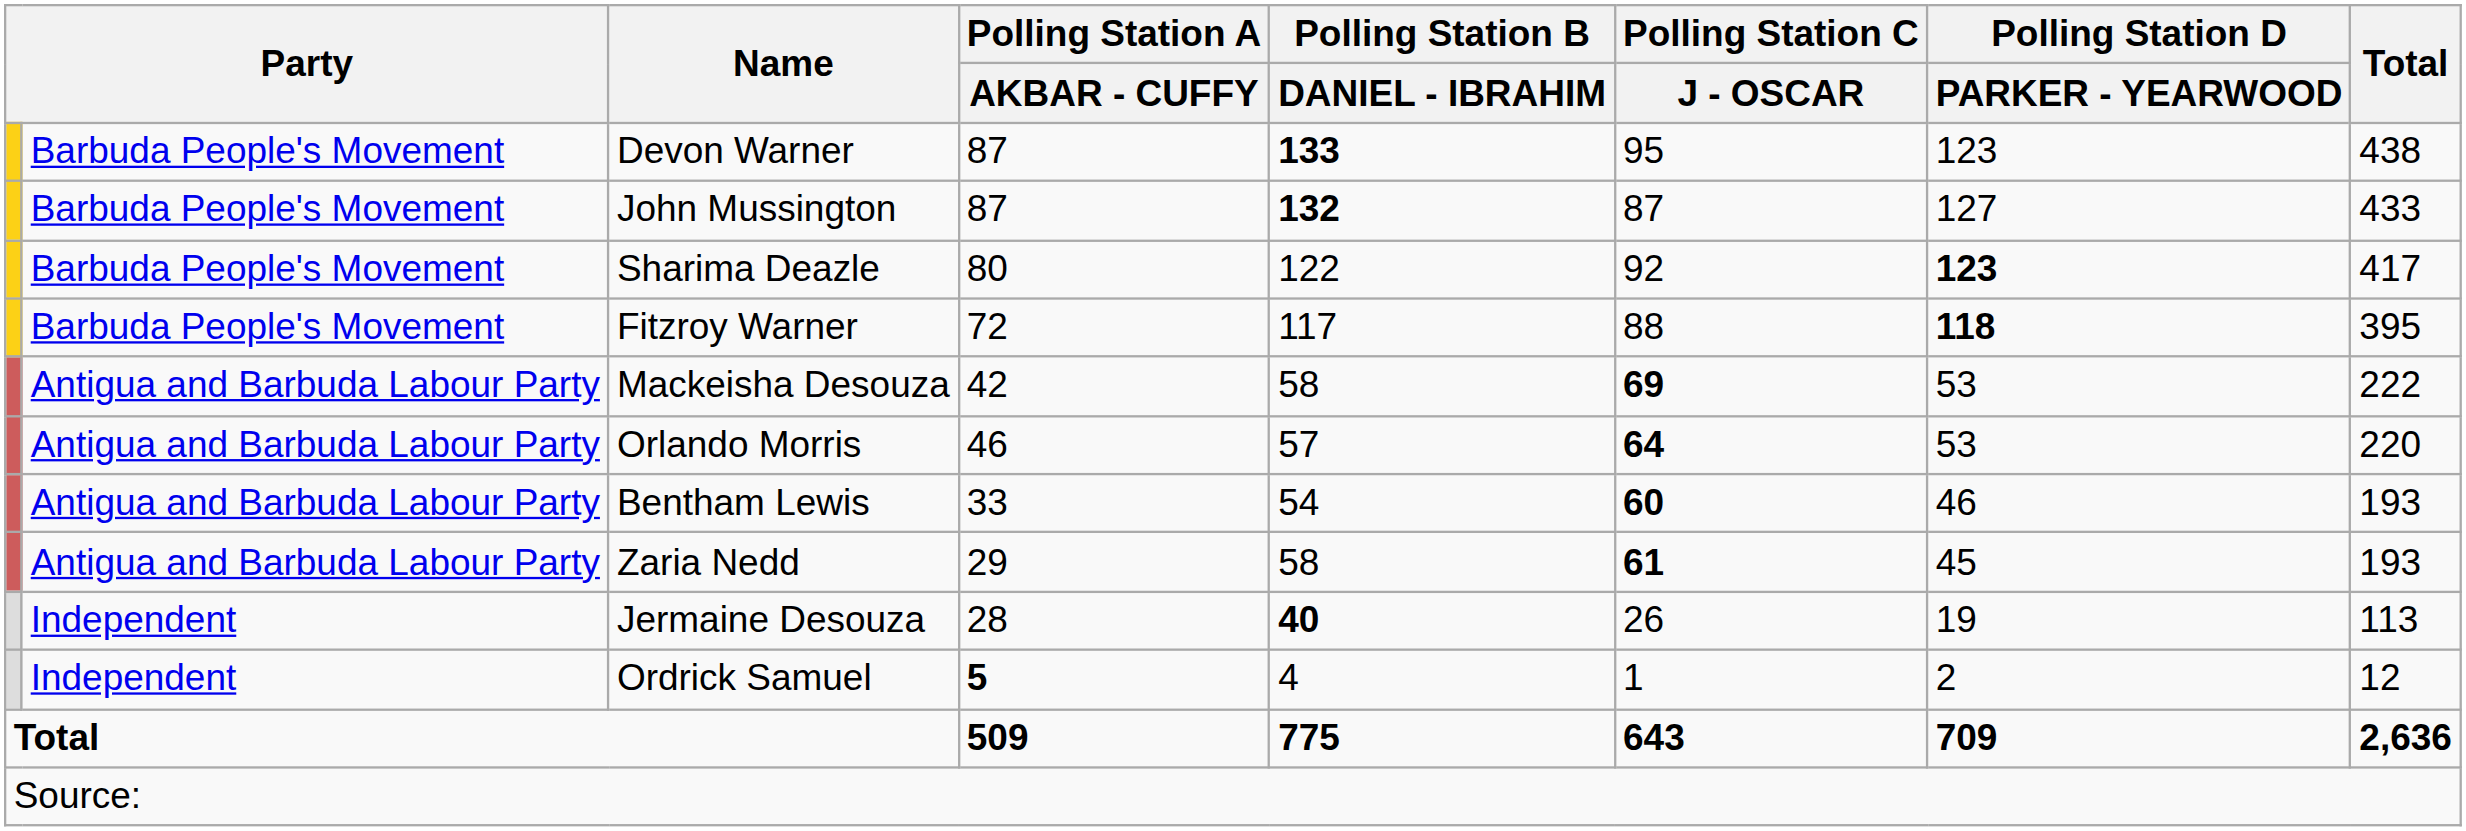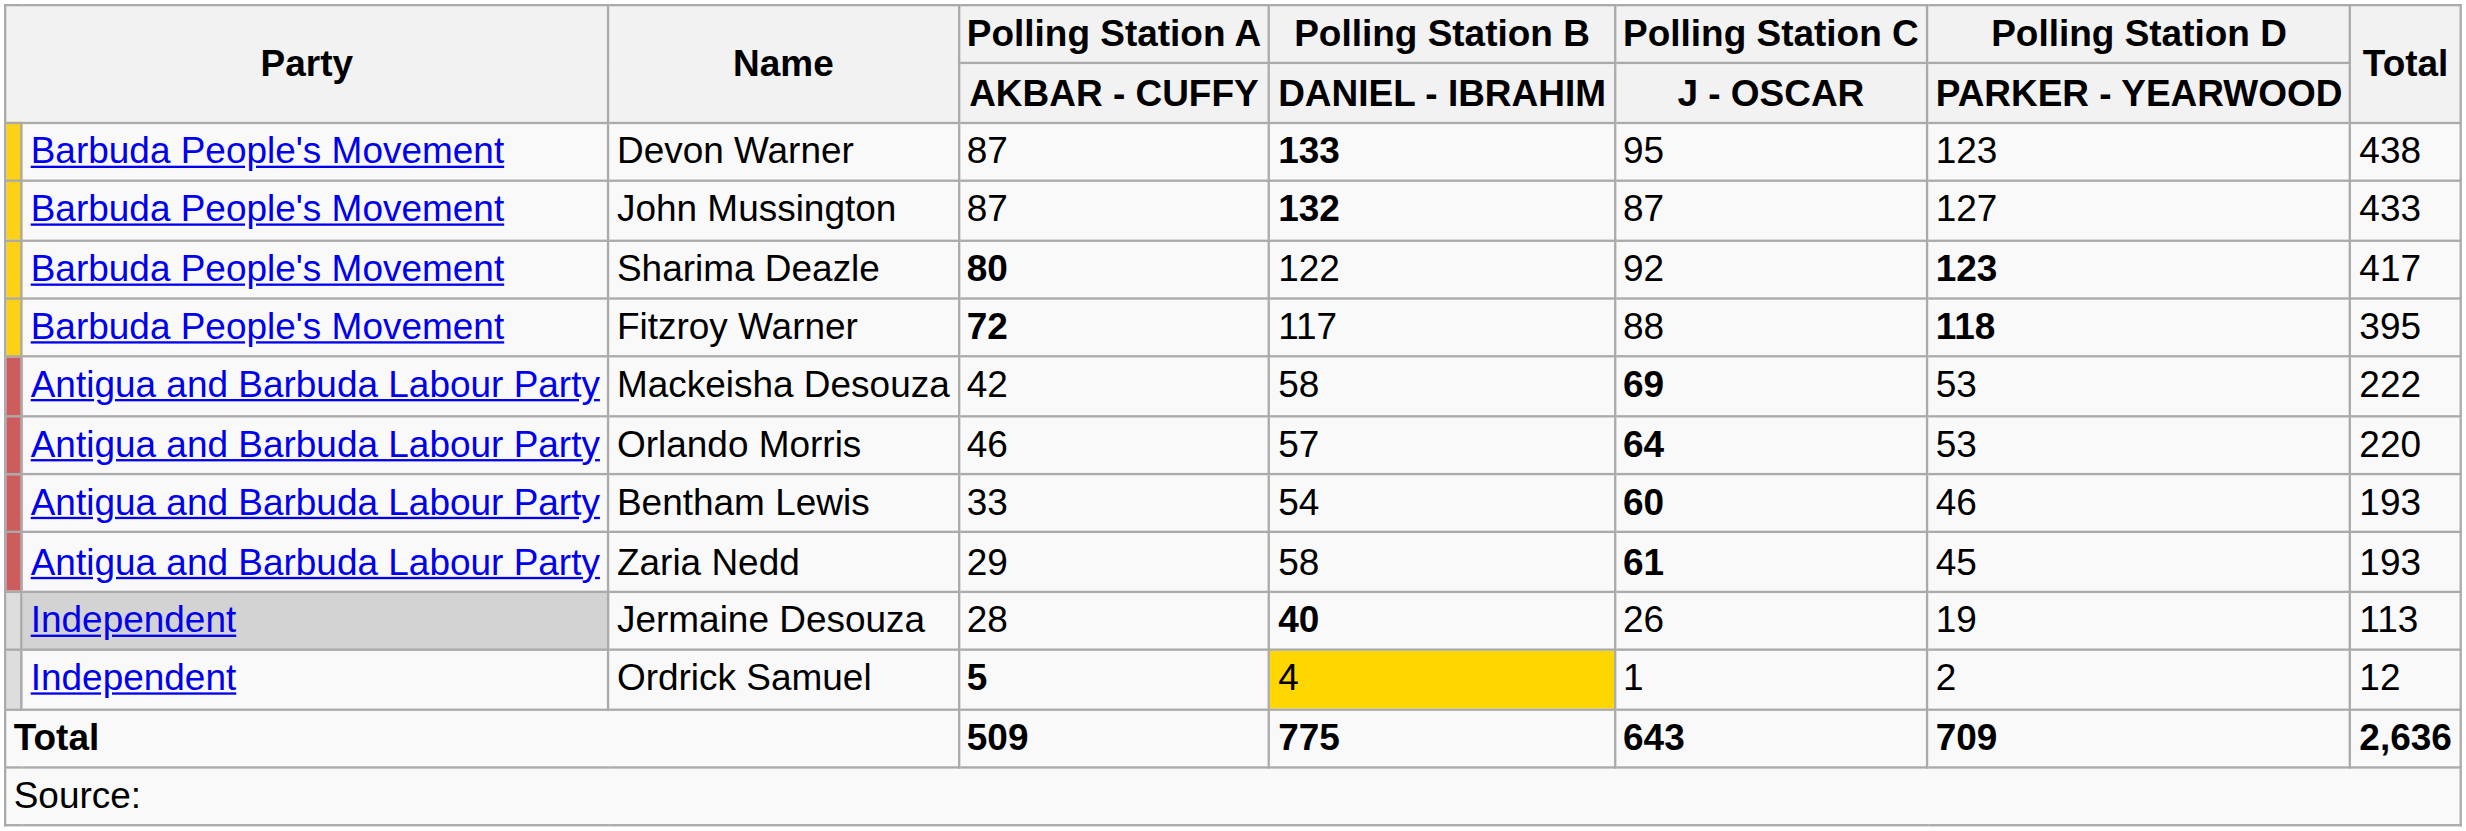 <table class="wikitable sortable">
 <tr>
 <th colspan="2" rowspan="2">Party</th>
 <th rowspan="2">Name</th>
 <th>Polling Station A</th>
 <th>Polling Station B</th>
 <th>Polling Station C</th>
 <th>Polling Station D</th>
 <th rowspan="2">Total</th>
 </tr>
 <tr>
 <th>AKBAR - CUFFY</th>
 <th>DANIEL - IBRAHIM</th>
 <th>J - OSCAR</th>
 <th>PARKER - YEARWOOD</th>
 </tr>
 <tr>
 <th style="background-color: #FCD116"></th>
 <td><a href='#'>Barbuda People's Movement</a></td>
 <td>Devon Warner</td>
 <td>87</td>
 <td><strong>133</strong></td>
 <td>95</td>
 <td>123</td>
 <td>438</td>
 </tr>
 <tr>
 <th style="background-color: #FCD116"></th>
 <td><a href='#'>Barbuda People's Movement</a></td>
 <td>John Mussington</td>
 <td>87</td>
 <td><strong>132</strong></td>
 <td>87</td>
 <td>127</td>
 <td>433</td>
 </tr>
 <tr>
 <th style="background-color: #FCD116"></th>
 <td><a href='#'>Barbuda People's Movement</a></td>
 <td>Sharima Deazle</td>
-<td>80</td>
+<td><strong>80</strong></td>
 <td>122</td>
 <td>92</td>
 <td><strong>123</strong></td>
 <td>417</td>
 </tr>
 <tr>
 <th style="background-color: #FCD116"></th>
 <td><a href='#'>Barbuda People's Movement</a></td>
 <td>Fitzroy Warner</td>
-<td>72</td>
+<td><strong>72</strong></td>
 <td>117</td>
 <td>88</td>
 <td><strong>118</strong></td>
 <td>395</td>
 </tr>
 <tr>
 <th style="background-color: #CD5C5C"></th>
 <td><a href='#'>Antigua and Barbuda Labour Party</a></td>
 <td>Mackeisha Desouza</td>
 <td>42</td>
 <td>58</td>
 <td><strong>69</strong></td>
 <td>53</td>
 <td>222</td>
 </tr>
 <tr>
 <th style="background-color: #CD5C5C"></th>
 <td><a href='#'>Antigua and Barbuda Labour Party</a></td>
 <td>Orlando Morris</td>
 <td>46</td>
 <td>57</td>
 <td><strong>64</strong></td>
 <td>53</td>
 <td>220</td>
 </tr>
 <tr>
 <th style="background-color: #CD5C5C"></th>
 <td><a href='#'>Antigua and Barbuda Labour Party</a></td>
 <td>Bentham Lewis</td>
 <td>33</td>
 <td>54</td>
 <td><strong>60</strong></td>
 <td>46</td>
 <td>193</td>
 </tr>
 <tr>
 <th style="background-color: #CD5C5C"></th>
 <td><a href='#'>Antigua and Barbuda Labour Party</a></td>
 <td>Zaria Nedd</td>
 <td>29</td>
 <td>58</td>
 <td><strong>61</strong></td>
 <td>45</td>
 <td>193</td>
 </tr>
 <tr>
 <th style="background-color: #DDDDDD"></th>
-<td><a href='#'>Independent</a></td>
+<td style="background: lightgrey;"><a href='#'>Independent</a></td>
 <td>Jermaine Desouza</td>
 <td>28</td>
 <td><strong>40</strong></td>
 <td>26</td>
 <td>19</td>
 <td>113</td>
 </tr>
 <tr>
 <th style="background-color: #DDDDDD"></th>
 <td><a href='#'>Independent</a></td>
 <td>Ordrick Samuel</td>
 <td><strong>5</strong></td>
-<td>4</td>
+<td style="background: gold;">4</td>
 <td>1</td>
 <td>2</td>
 <td>12</td>
 </tr>
 <tr>
 <td colspan="3"><strong>Total</strong></td>
 <td><strong>509</strong></td>
 <td><strong>775</strong></td>
 <td><strong>643</strong></td>
 <td><strong>709</strong></td>
 <td><strong>2,636</strong></td>
 </tr>
 <tr>
 <td colspan="8">Source: </td>
 </tr>
 </table>
